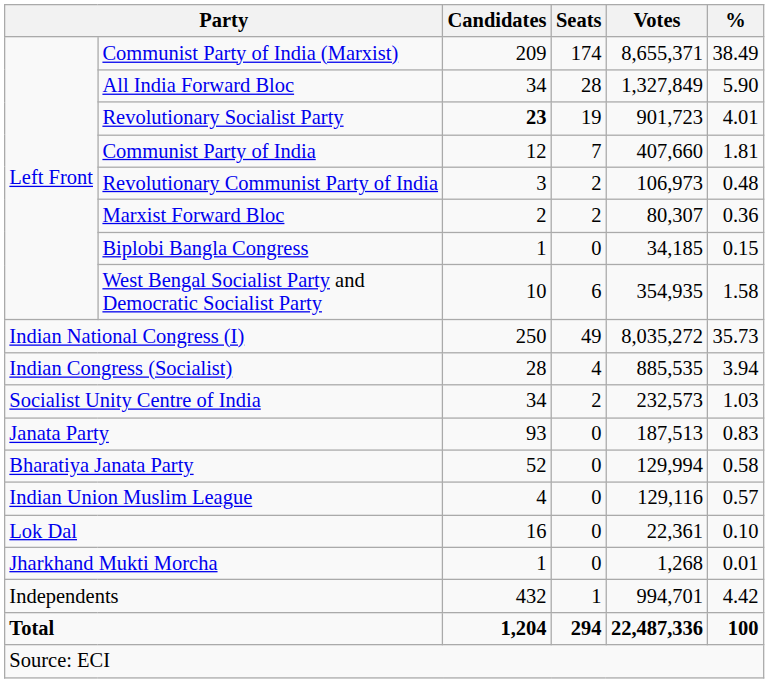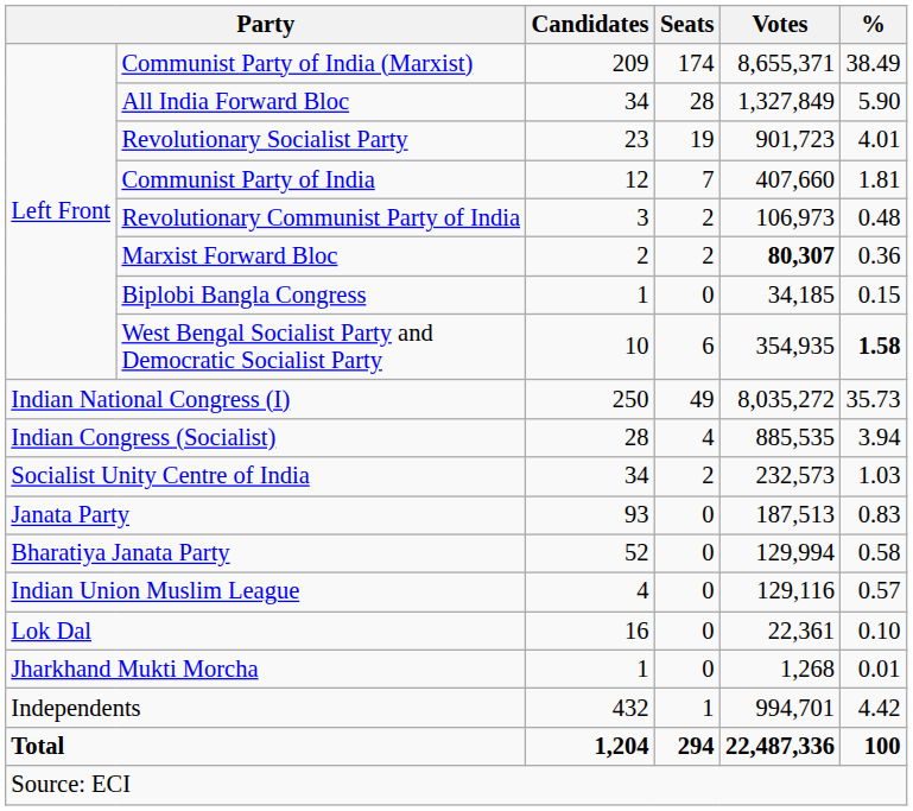 <table class=wikitable style=text-align:right>
 <tr>
 <th colspan=2>Party</th>
 <th>Candidates</th>
 <th>Seats</th>
 <th>Votes</th>
 <th>%</th>
 </tr>
 <tr>
 <td rowspan=8 align=left><a href='#'>Left Front</a></td>
 <td align=left><a href='#'>Communist Party of India (Marxist)</a></td>
 <td>209</td>
 <td>174</td>
 <td>8,655,371</td>
 <td>38.49</td>
 </tr>
 <tr>
 <td align=left><a href='#'>All India Forward Bloc</a></td>
 <td>34</td>
 <td>28</td>
 <td>1,327,849</td>
 <td>5.90</td>
 </tr>
 <tr>
 <td align=left><a href='#'>Revolutionary Socialist Party</a></td>
-<td><strong>23</strong></td>
+<td>23</td>
 <td>19</td>
 <td>901,723</td>
 <td>4.01</td>
 </tr>
 <tr>
 <td align=left><a href='#'>Communist Party of India</a></td>
 <td>12</td>
 <td>7</td>
 <td>407,660</td>
 <td>1.81</td>
 </tr>
 <tr>
 <td align=left><a href='#'>Revolutionary Communist Party of India</a></td>
 <td>3</td>
 <td>2</td>
 <td>106,973</td>
 <td>0.48</td>
 </tr>
 <tr>
 <td align=left><a href='#'>Marxist Forward Bloc</a></td>
 <td>2</td>
 <td>2</td>
-<td>80,307</td>
+<td><strong>80,307</strong></td>
 <td>0.36</td>
 </tr>
 <tr>
 <td align=left><a href='#'>Biplobi Bangla Congress</a></td>
 <td>1</td>
 <td>0</td>
 <td>34,185</td>
 <td>0.15</td>
 </tr>
 <tr>
 <td align=left><a href='#'>West Bengal Socialist Party</a> and<br><a href='#'>Democratic Socialist Party</a></td>
 <td>10</td>
 <td>6</td>
 <td>354,935</td>
-<td>1.58</td>
+<td><strong>1.58</strong></td>
 </tr>
 <tr>
 <td colspan=2 align=left><a href='#'>Indian National Congress (I)</a></td>
 <td>250</td>
 <td>49</td>
 <td>8,035,272</td>
 <td>35.73</td>
 </tr>
 <tr>
 <td colspan=2 align=left><a href='#'>Indian Congress (Socialist)</a></td>
 <td>28</td>
 <td>4</td>
 <td>885,535</td>
 <td>3.94</td>
 </tr>
 <tr>
 <td colspan=2 align=left><a href='#'>Socialist Unity Centre of India</a></td>
 <td>34</td>
 <td>2</td>
 <td>232,573</td>
 <td>1.03</td>
 </tr>
 <tr>
 <td colspan=2 align=left><a href='#'>Janata Party</a></td>
 <td>93</td>
 <td>0</td>
 <td>187,513</td>
 <td>0.83</td>
 </tr>
 <tr>
 <td colspan=2 align=left><a href='#'>Bharatiya Janata Party</a></td>
 <td>52</td>
 <td>0</td>
 <td>129,994</td>
 <td>0.58</td>
 </tr>
 <tr>
 <td colspan=2 align=left><a href='#'>Indian Union Muslim League</a></td>
 <td>4</td>
 <td>0</td>
 <td>129,116</td>
 <td>0.57</td>
 </tr>
 <tr>
 <td colspan=2 align=left><a href='#'>Lok Dal</a></td>
 <td>16</td>
 <td>0</td>
 <td>22,361</td>
 <td>0.10</td>
 </tr>
 <tr>
 <td colspan=2 align=left><a href='#'>Jharkhand Mukti Morcha</a></td>
 <td>1</td>
 <td>0</td>
 <td>1,268</td>
 <td>0.01</td>
 </tr>
 <tr>
 <td colspan=2 align=left>Independents</td>
 <td>432</td>
 <td>1</td>
 <td>994,701</td>
 <td>4.42</td>
 </tr>
 <tr>
 <td colspan=2 align=left><strong>Total</strong></td>
 <td><strong>1,204</strong></td>
 <td><strong>294</strong></td>
 <td><strong>22,487,336</strong></td>
 <td><strong>100</strong></td>
 </tr>
 <tr>
 <td align=left colspan=6>Source: ECI</td>
 </tr>
 </table>
